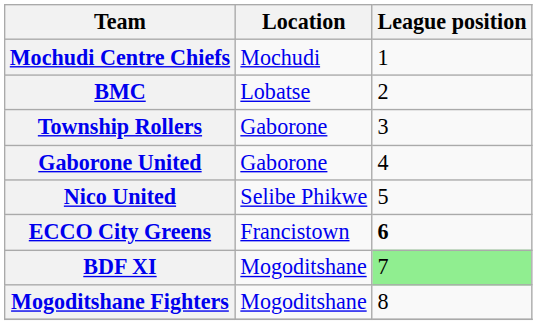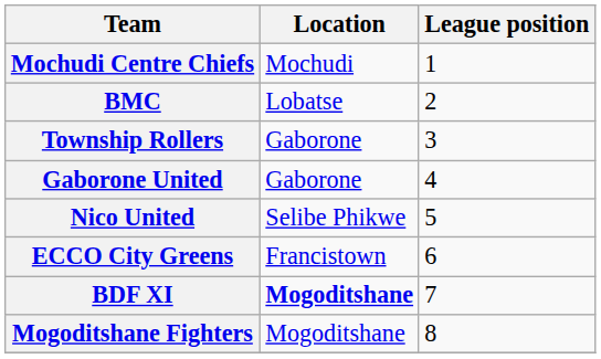 <table class="wikitable sortable plainrowheaders">
 <tr>
 <th scope="col">Team</th>
 <th scope="col">Location</th>
 <th scope="col">League position</th>
 </tr>
 <tr>
 <th scope="row"><a href='#'>Mochudi Centre Chiefs</a></th>
 <td><a href='#'>Mochudi</a></td>
 <td>1</td>
 </tr>
 <tr>
 <th scope="row"><a href='#'>BMC</a></th>
 <td><a href='#'>Lobatse</a></td>
 <td>2</td>
 </tr>
 <tr>
 <th scope="row"><a href='#'>Township Rollers</a></th>
 <td><a href='#'>Gaborone</a></td>
 <td>3</td>
 </tr>
 <tr>
 <th scope="row"><a href='#'>Gaborone United</a></th>
 <td><a href='#'>Gaborone</a></td>
 <td>4</td>
 </tr>
 <tr>
 <th scope="row"><a href='#'>Nico United</a></th>
 <td><a href='#'>Selibe Phikwe</a></td>
 <td>5</td>
 </tr>
 <tr>
 <th scope="row"><a href='#'>ECCO City Greens</a></th>
 <td><a href='#'>Francistown</a></td>
-<td><strong>6</strong></td>
+<td>6</td>
 </tr>
 <tr>
 <th scope="row"><a href='#'>BDF XI</a></th>
-<td><a href='#'>Mogoditshane</a></td>
-<td style="background: lightgreen;">7</td>
+<td><strong><a href='#'>Mogoditshane</a></strong></td>
+<td>7</td>
 </tr>
 <tr>
 <th scope="row"><a href='#'>Mogoditshane Fighters</a></th>
 <td><a href='#'>Mogoditshane</a></td>
 <td>8</td>
 </tr>
 <tr>
 </tr>
 </table>
